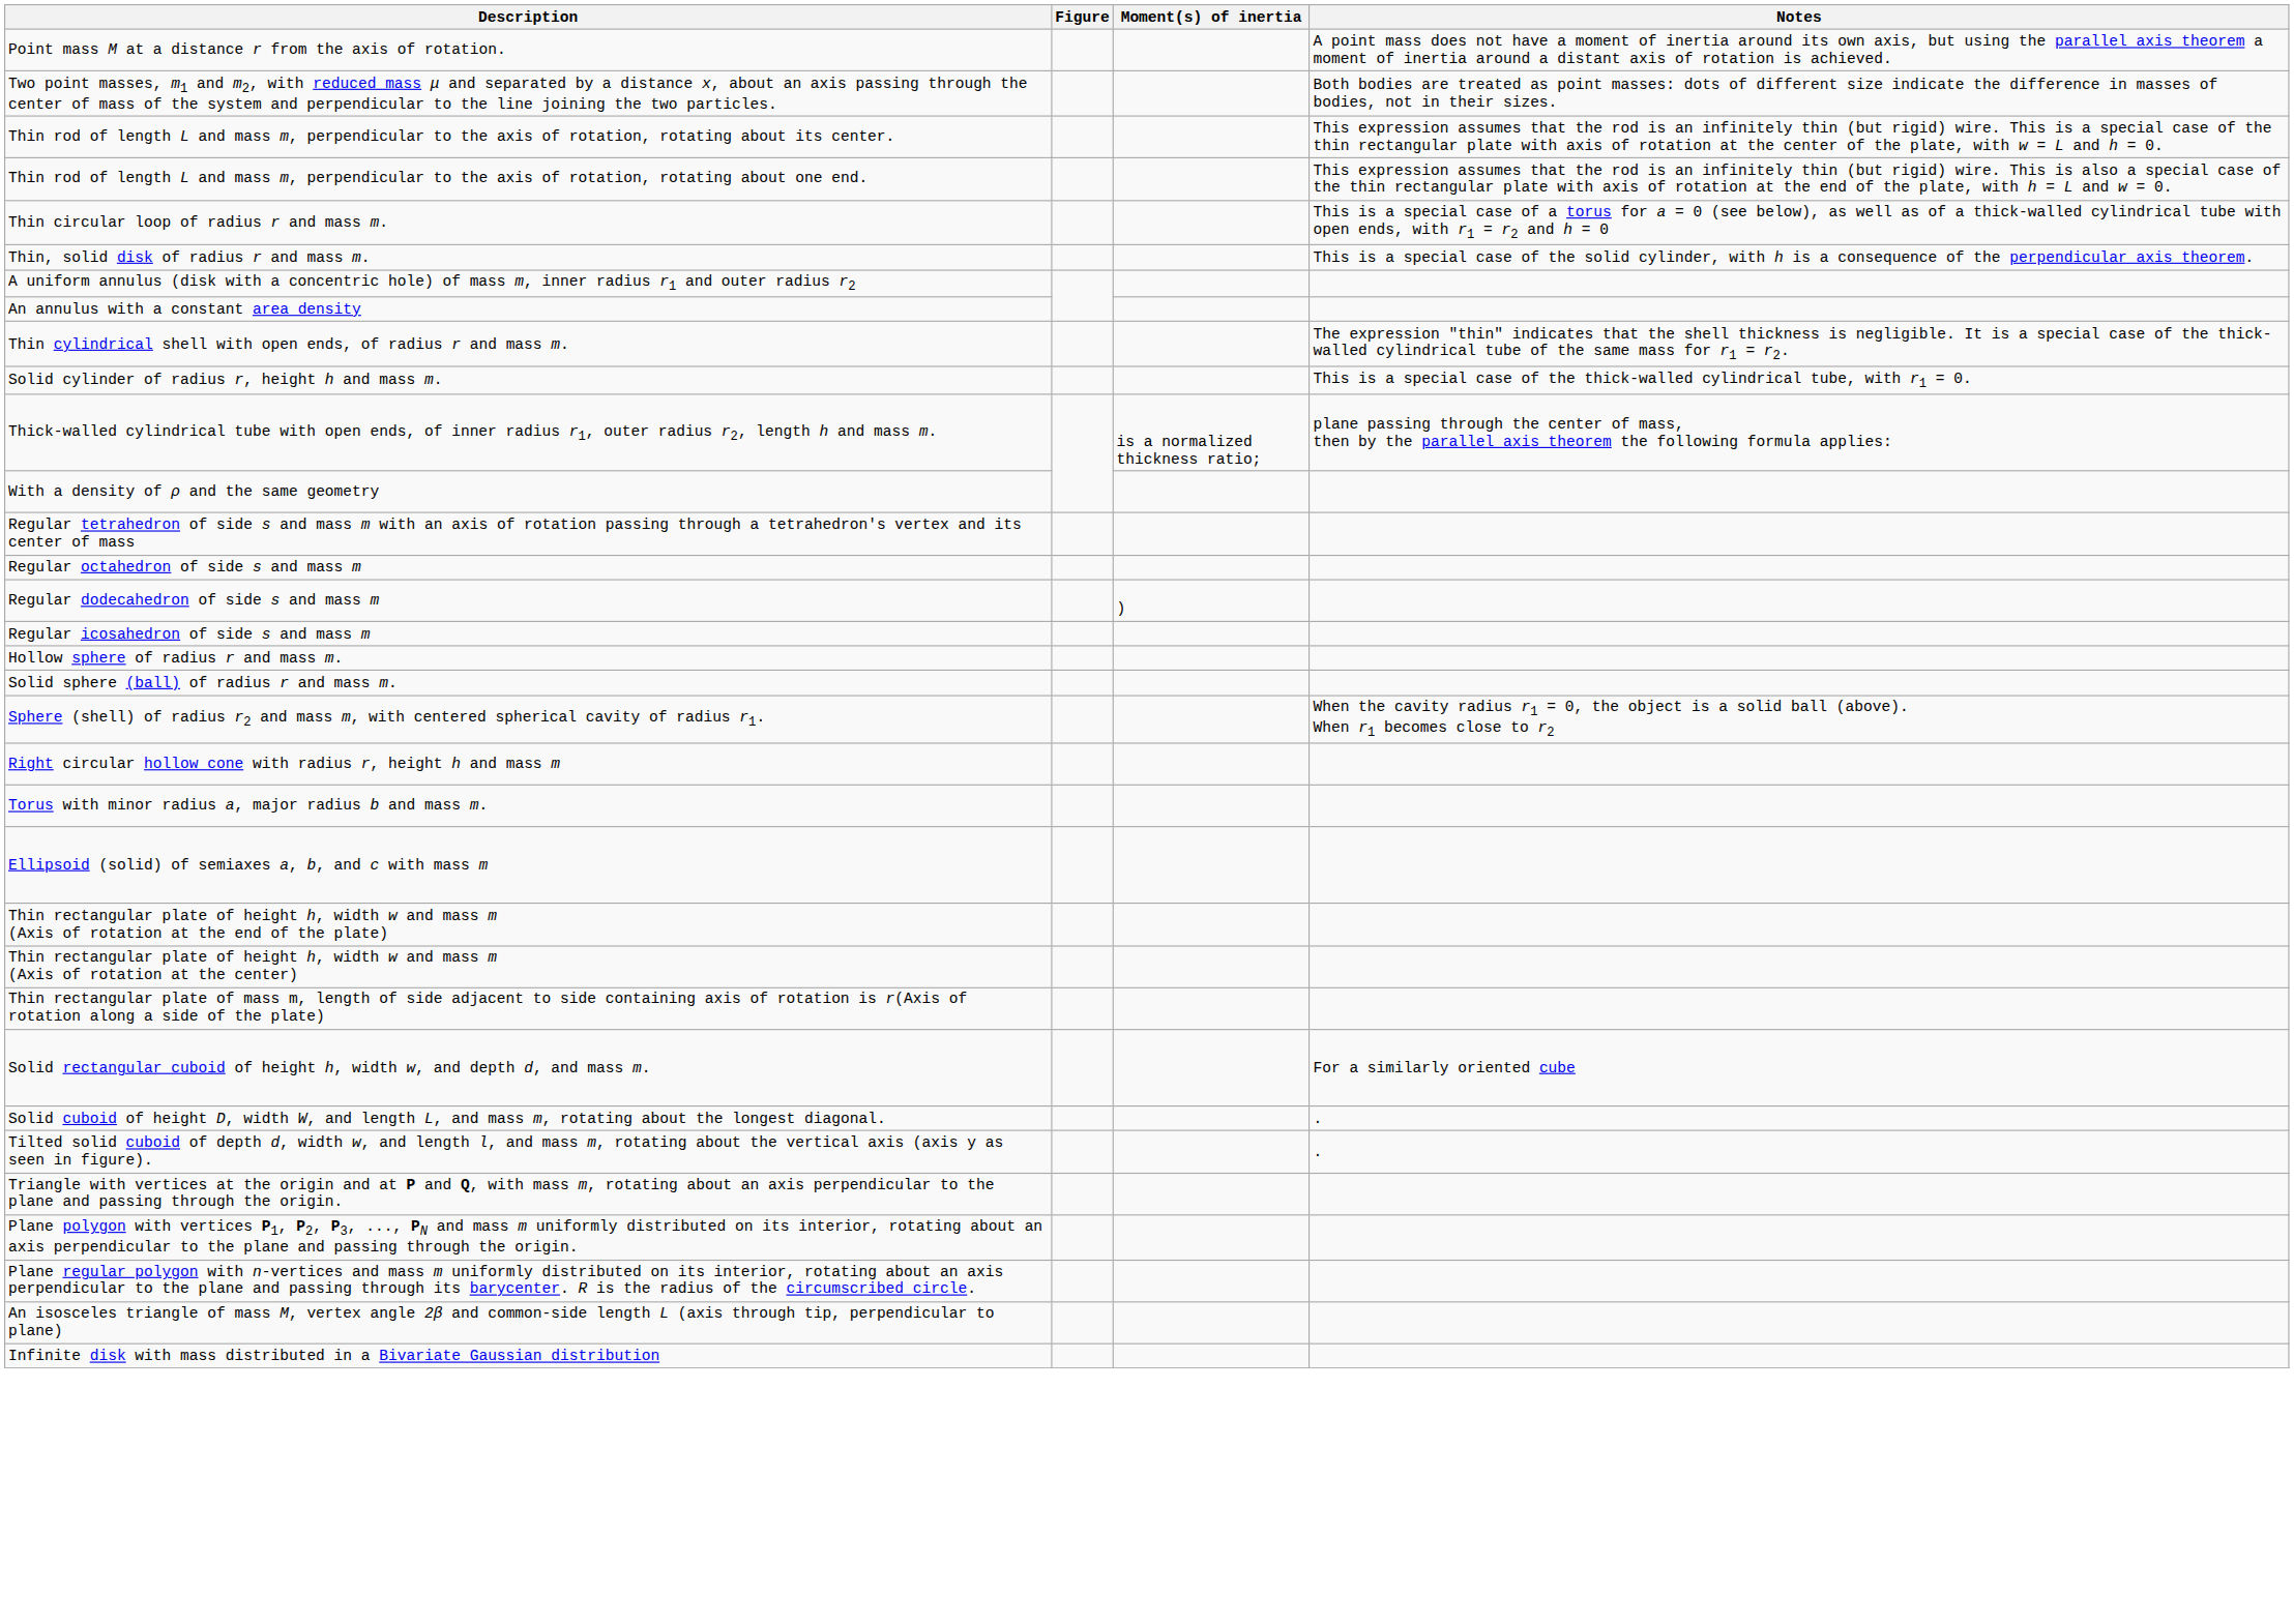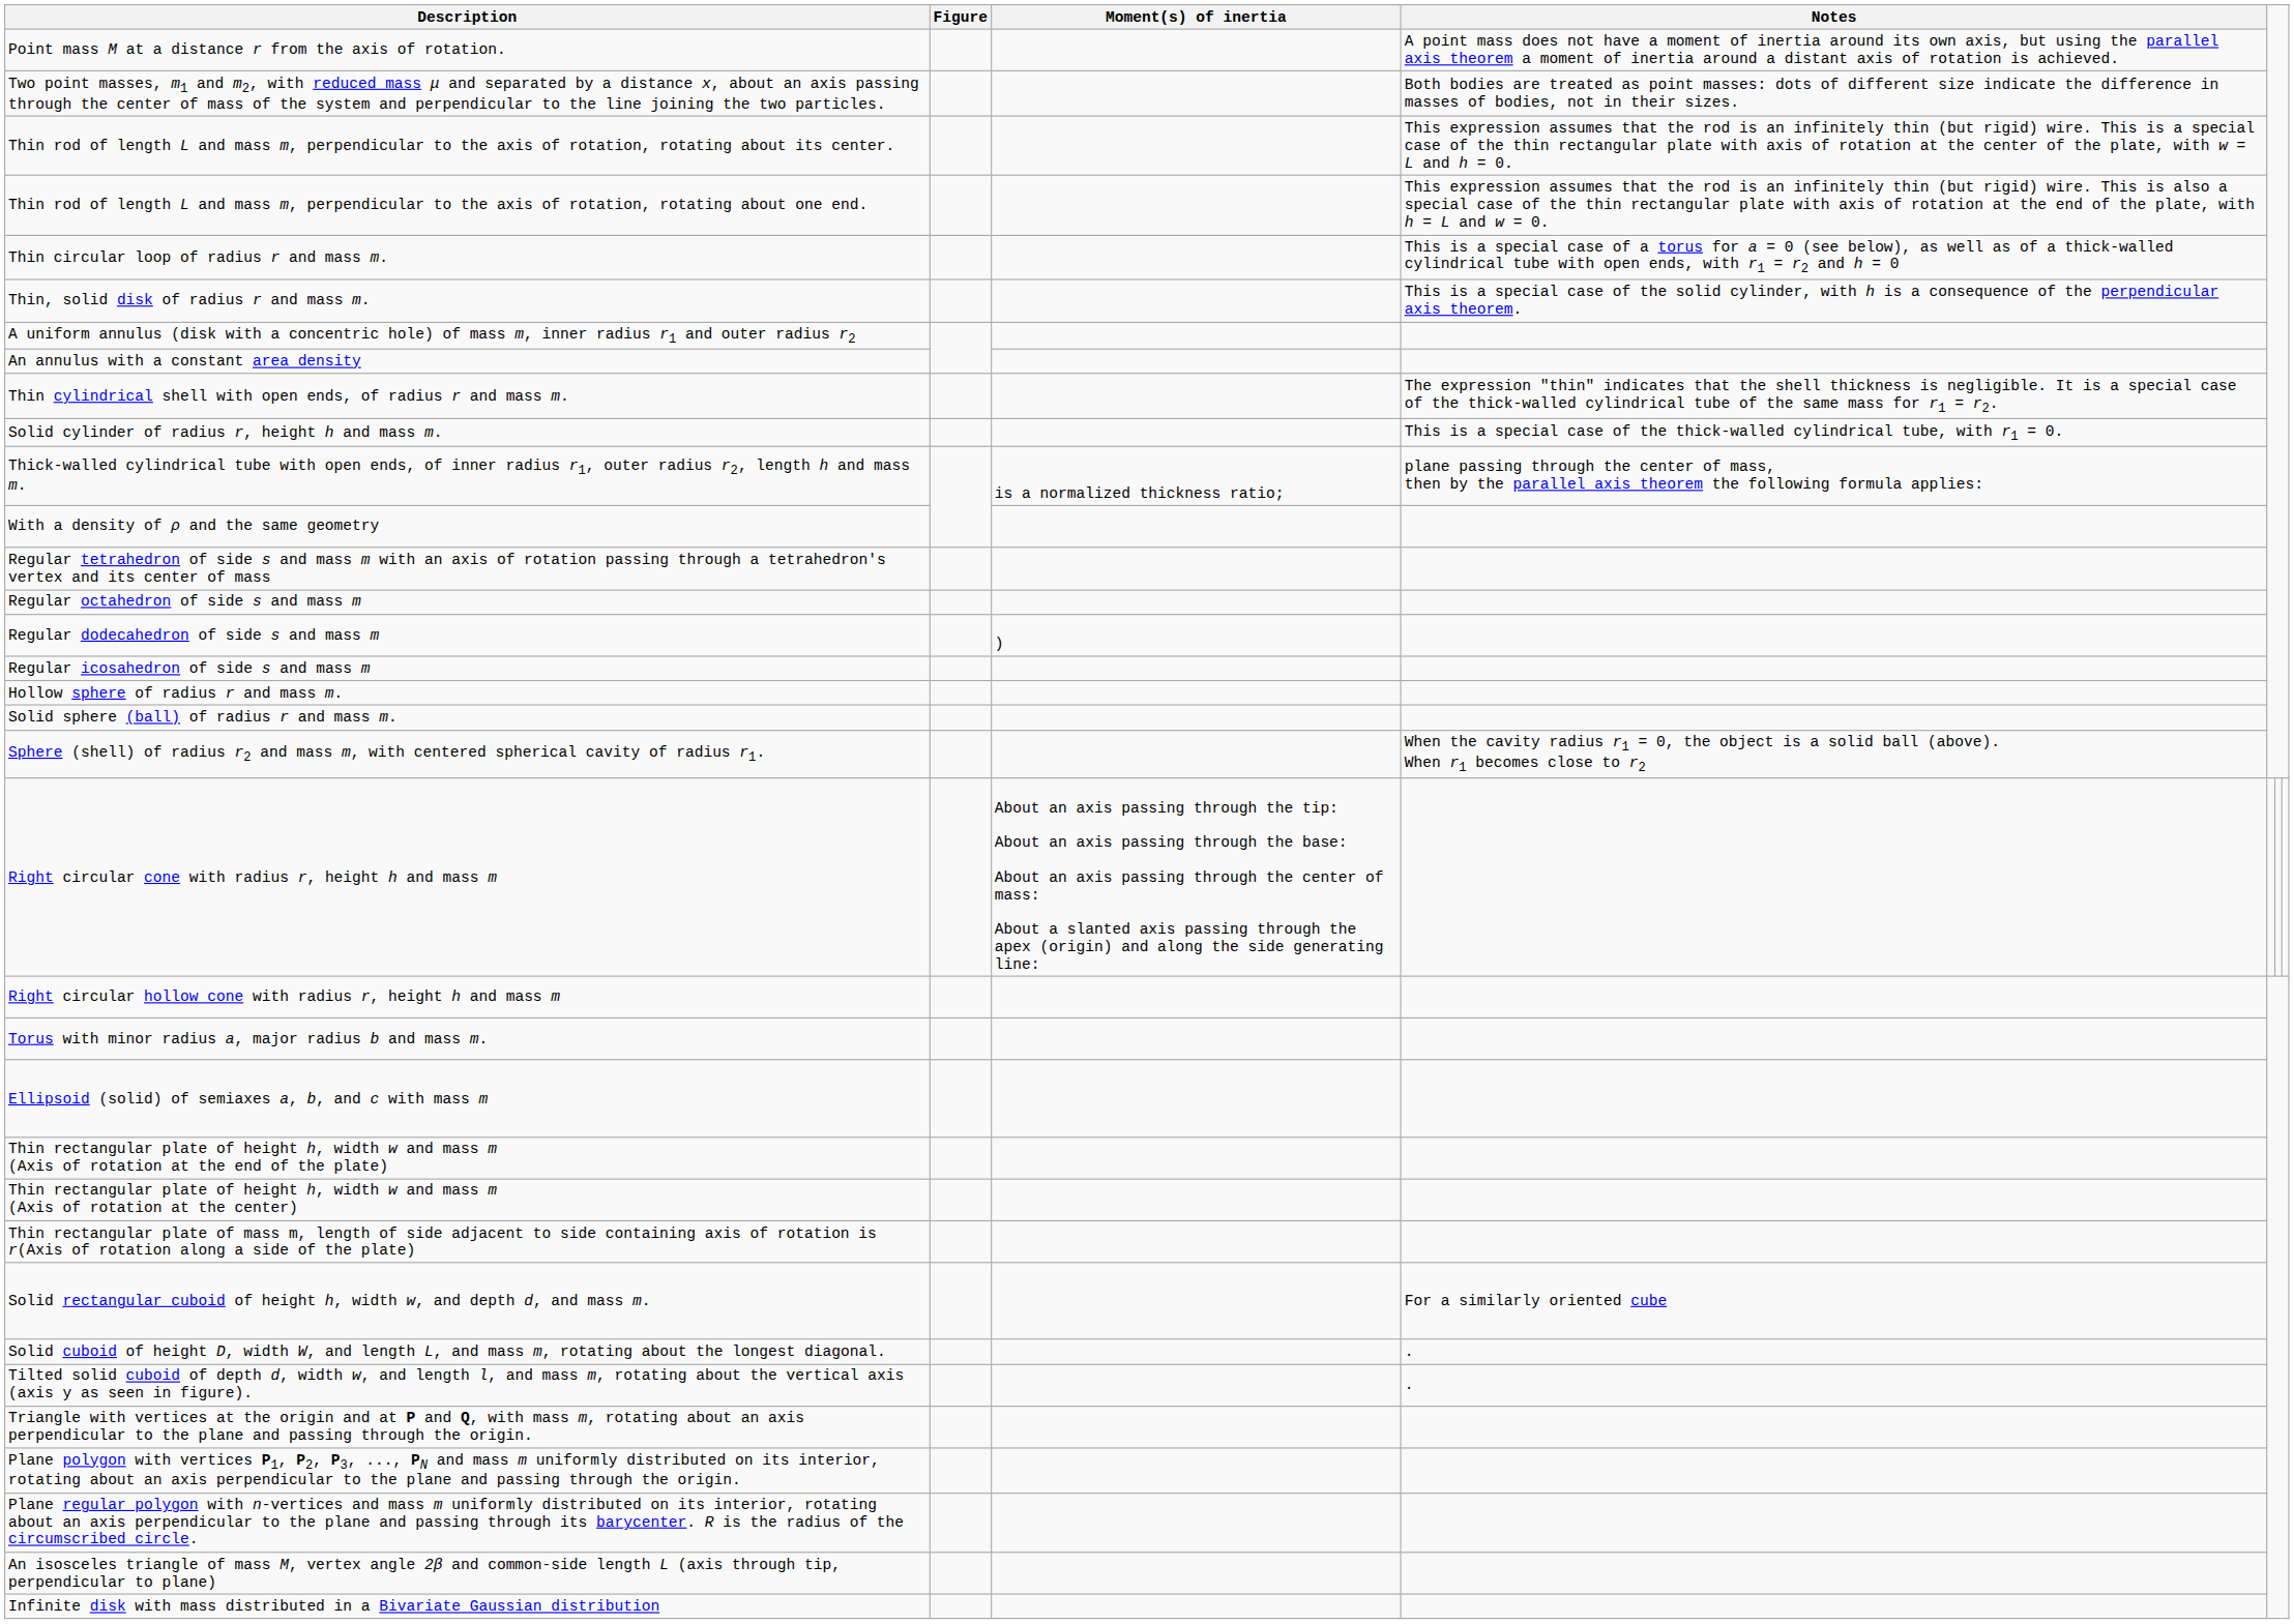 <table class="wikitable">
 <tr>
 <th>Description</th>
 <th>Figure</th>
 <th>Moment(s) of inertia</th>
 <th>Notes</th>
 </tr>
 <tr>
 <td>Point mass <em>M</em> at a distance <em>r</em> from the axis of rotation.</td>
 <td align="center"></td>
 <td></td>
 <td>A point mass does not have a moment of inertia around its own axis, but using the <a href='#'>parallel axis theorem</a> a moment of inertia around a distant axis of rotation is achieved.</td>
 </tr>
 <tr>
 <td>Two point masses, <em>m</em><sub>1</sub> and <em>m</em><sub>2</sub>, with <a href='#'>reduced mass</a> <em>μ</em> and separated by a distance <em>x</em>, about an axis passing through the center of mass of the system and perpendicular to the line joining the two particles.</td>
 <td align="center"></td>
 <td></td>
 <td>Both bodies are treated as point masses: dots of different size indicate the difference in masses of bodies, not in their sizes.</td>
 </tr>
 <tr>
 <td>Thin rod of length <em>L</em> and mass <em>m</em>, perpendicular to the axis of rotation, rotating about its center.</td>
 <td align="center"></td>
 <td>  </td>
 <td>This expression assumes that the rod is an infinitely thin (but rigid) wire. This is a special case of the thin rectangular plate with axis of rotation at the center of the plate, with <em>w</em> = <em>L</em> and <em>h</em> = 0.</td>
 </tr>
 <tr>
 <td>Thin rod of length <em>L</em> and mass <em>m</em>, perpendicular to the axis of rotation, rotating about one end.</td>
 <td align="center"></td>
 <td>  </td>
 <td>This expression assumes that the rod is an infinitely thin (but rigid) wire. This is also a special case of the thin rectangular plate with axis of rotation at the end of the plate, with <em>h</em> = <em>L</em> and <em>w</em> = 0.</td>
 </tr>
 <tr>
 <td>Thin circular loop of radius <em>r</em> and mass <em>m</em>.</td>
 <td align="center"></td>
 <td><br></td>
 <td>This is a special case of a <a href='#'>torus</a> for <em>a</em> = 0 (see below), as well as of a thick-walled cylindrical tube with open ends, with <em>r</em><sub>1</sub> = <em>r</em><sub>2</sub> and <em>h</em> = 0</td>
 </tr>
 <tr>
 <td>Thin, solid <a href='#'>disk</a> of radius <em>r</em> and mass <em>m</em>.</td>
 <td align="center"></td>
 <td><br></td>
 <td>This is a special case of the solid cylinder, with <em>h</em> is a consequence of the <a href='#'>perpendicular axis theorem</a>.</td>
 </tr>
 <tr>
 <td>A uniform annulus (disk with a concentric hole) of mass <em>m</em>, inner radius <em>r</em><sub>1</sub> and outer radius <em>r</em><sub>2</sub></td>
 <td align="center" rowspan=2></td>
 <td><br></td>
 <td></td>
 </tr>
 <tr>
 <td>An annulus with a constant <a href='#'>area density</a></td>
 <td><br></td>
 <td></td>
 </tr>
 <tr>
 <td>Thin <a href='#'>cylindrical</a> shell with open ends, of radius <em>r</em> and mass <em>m</em>.</td>
 <td align="center"></td>
 <td>  </td>
 <td>The expression ″thin″ indicates that the shell thickness is negligible. It is a special case of the thick-walled cylindrical tube of the same mass for <em>r</em><sub>1</sub> = <em>r</em><sub>2</sub>.</td>
 </tr>
 <tr>
 <td>Solid cylinder of radius <em>r</em>, height <em>h</em> and mass <em>m</em>.</td>
 <td align="center"></td>
 <td>  <br></td>
 <td>This is a special case of the thick-walled cylindrical tube, with <em>r</em><sub>1</sub> = 0.</td>
 </tr>
 <tr>
 <td>Thick-walled cylindrical tube with open ends, of inner radius <em>r</em><sub>1</sub>, outer radius <em>r</em><sub>2</sub>, length <em>h</em> and mass <em>m</em>.</td>
 <td rowspan="2" align="center"></td>
 <td><br>     <br> is a normalized thickness ratio;<br></td>
 <td> plane passing through the center of mass,<br> then by the <a href='#'>parallel axis theorem</a> the following formula applies:<br></td>
 </tr>
 <tr>
 <td>With a density of <em>ρ</em> and the same geometry</td>
 <td><br><br></td>
 <td></td>
 </tr>
 <tr>
 <td>Regular <a href='#'>tetrahedron</a> of side <em>s</em> and mass <em>m</em> with an axis of rotation passing through a tetrahedron's vertex and its center of mass</td>
 <td align="center"></td>
 <td><br> </td>
 <td></td>
 </tr>
 <tr>
 <td>Regular <a href='#'>octahedron</a> of side <em>s</em> and mass <em>m</em></td>
 <td align="center"></td>
 <td> <br> </td>
 <td></td>
 </tr>
 <tr>
 <td>Regular <a href='#'>dodecahedron</a> of side <em>s</em> and mass <em>m</em></td>
 <td align="center"></td>
 <td><br>) </td>
 <td></td>
 </tr>
 <tr>
 <td>Regular <a href='#'>icosahedron</a> of side <em>s</em> and mass <em>m</em></td>
 <td align="center"></td>
 <td><br> </td>
 <td></td>
 </tr>
 <tr>
 <td>Hollow <a href='#'>sphere</a> of radius <em>r</em> and mass <em>m</em>.</td>
 <td align="center"></td>
 <td>  </td>
 <td></td>
 </tr>
 <tr>
 <td>Solid sphere <a href='#'>(ball)</a> of radius <em>r</em> and mass <em>m</em>.</td>
 <td align="center"></td>
 <td>  </td>
 <td></td>
 </tr>
 <tr>
 <td><a href='#'>Sphere</a> (shell) of radius <em>r</em><sub>2</sub> and mass <em>m</em>, with centered spherical cavity of radius <em>r</em><sub>1</sub>.</td>
 <td align="center"></td>
 <td>  </td>
 <td>When the cavity radius <em>r</em><sub>1</sub> = 0, the object is a solid ball (above).<br>When <em>r</em><sub>1</sub> becomes close to <em>r</em><sub>2</sub></td>
 </tr>
 <tr>
+<td><a href='#'>Right</a> circular <a href='#'>cone</a> with radius <em>r</em>, height <em>h</em> and mass <em>m</em></td>
+<td align="center"></td>
+<td>  <br>About an axis passing through the tip:<br>  <br> About an axis passing through the base:<br><br> About an axis passing through the center of mass:<br><br> About a slanted axis passing through the apex (origin) and along the side generating line:<br></td>
+<td></td>
+<td></td>
+<td align="center"></td>
+<td></td>
+</tr>
+<tr>
 <td><a href='#'>Right</a> circular <a href='#'>hollow cone</a> with radius <em>r</em>, height <em>h</em> and mass <em>m</em></td>
 <td align="center"></td>
 <td>  <br>  </td>
 <td></td>
 </tr>
 <tr>
 <td><a href='#'>Torus</a> with minor radius <em>a</em>, major radius <em>b</em> and mass <em>m</em>.</td>
 <td align="center"></td>
 <td>  <br>  <br></td>
 <td></td>
 </tr>
 <tr>
 <td><a href='#'>Ellipsoid</a> (solid) of semiaxes <em>a</em>, <em>b</em>, and <em>c</em> with mass <em>m</em></td>
 <td align="center"></td>
 <td><br><br><br><br></td>
 <td></td>
 </tr>
 <tr>
 <td>Thin rectangular plate of height <em>h</em>, width <em>w</em> and mass <em>m</em><br>(Axis of rotation at the end of the plate)</td>
 <td align="center"></td>
 <td></td>
 <td></td>
 </tr>
 <tr>
 <td>Thin rectangular plate of height <em>h</em>, width <em>w</em> and mass <em>m</em><br>(Axis of rotation at the center)</td>
 <td align="center"></td>
 <td>  </td>
 <td></td>
 </tr>
 <tr>
 <td>Thin rectangular plate of mass m, length of side adjacent to side containing axis of rotation is <em>r</em>(Axis of rotation along a side of the plate)</td>
 <td></td>
 <td></td>
 <td></td>
 </tr>
 <tr>
 <td>Solid <a href='#'>rectangular cuboid</a> of height <em>h</em>, width <em>w</em>, and depth <em>d</em>, and mass <em>m</em>.</td>
 <td align="center"></td>
 <td><br><br><br><br></td>
 <td>For a similarly oriented <a href='#'>cube</a></td>
 </tr>
 <tr>
 <td>Solid <a href='#'>cuboid</a> of height <em>D</em>, width <em>W</em>, and length <em>L</em>, and mass <em>m</em>, rotating about the longest diagonal.</td>
 <td align="center"></td>
 <td></td>
 <td>.</td>
 </tr>
 <tr>
 <td>Tilted solid <a href='#'>cuboid</a> of depth <em>d</em>, width <em>w</em>, and length <em>l</em>, and mass <em>m</em>, rotating about the vertical axis (axis y as seen in figure).</td>
 <td align="center"></td>
 <td></td>
 <td>.</td>
 </tr>
 <tr>
 <td>Triangle with vertices at the origin and at <strong>P</strong> and <strong>Q</strong>, with mass <em>m</em>, rotating about an axis perpendicular to the plane and passing through the origin.</td>
 <td></td>
 <td></td>
 <td></td>
 </tr>
 <tr>
 <td>Plane <a href='#'>polygon</a> with vertices <strong>P</strong><sub>1</sub>, <strong>P</strong><sub>2</sub>, <strong>P</strong><sub>3</sub>, ..., <strong>P</strong><sub><em>N</em></sub> and mass <em>m</em> uniformly distributed on its interior, rotating about an axis perpendicular to the plane and passing through the origin.</td>
 <td align="center"></td>
 <td><br><br></td>
 <td></td>
 </tr>
 <tr>
 <td>Plane <a href='#'>regular polygon</a> with <em>n</em>-vertices and mass <em>m</em> uniformly distributed on its interior, rotating about an axis perpendicular to the plane and passing through its <a href='#'>barycenter</a>. <em>R</em> is the radius of the <a href='#'>circumscribed circle</a>.</td>
 <td align="center"></td>
 <td>  </td>
 <td></td>
 </tr>
 <tr>
 <td>An isosceles triangle of mass <em>M</em>, vertex angle <em>2β</em> and common-side length <em>L</em> (axis through tip, perpendicular to plane)</td>
 <td align="center"></td>
 <td>  </td>
 <td></td>
 </tr>
 <tr>
 <td>Infinite <a href='#'>disk</a> with mass distributed in a <a href='#'>Bivariate Gaussian distribution</a><br></td>
 <td align="center"></td>
 <td></td>
 <td></td>
 </tr>
 </table>
